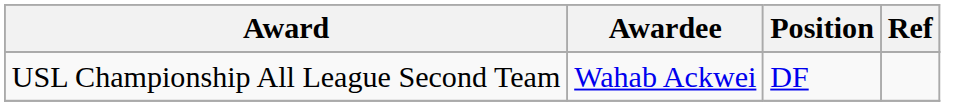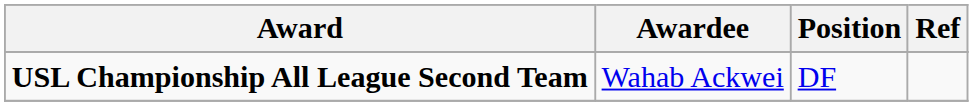 <table class="wikitable">
 <tr style="background:#cccccc;">
 <th>Award</th>
 <th>Awardee</th>
 <th>Position</th>
 <th>Ref</th>
 </tr>
 <tr>
 </tr>
 <tr>
-<td>USL Championship All League Second Team</td>
+<td><strong>USL Championship All League Second Team</strong></td>
 <td><a href='#'>Wahab Ackwei</a></td>
 <td><a href='#'>DF</a></td>
 <td style="text-align: center;"></td>
 </tr>
 <tr>
 </tr>
 </table>
